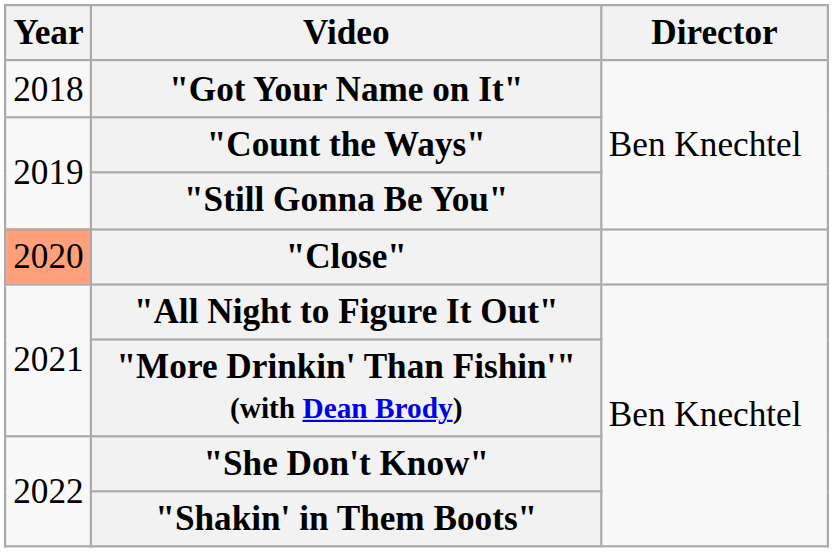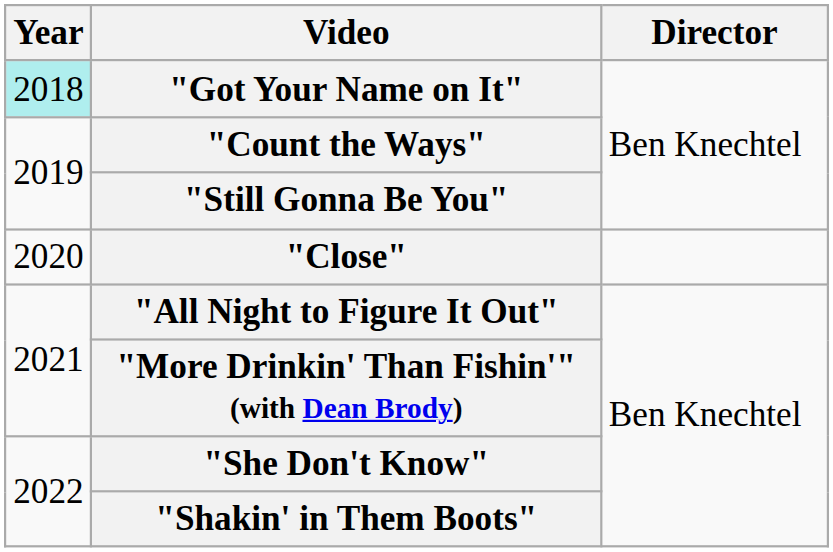 <table class="wikitable plainrowheaders">
 <tr>
 <th style="width:1em;">Year</th>
 <th style="width:14em;">Video</th>
 <th style="width:6em;">Director</th>
 </tr>
 <tr>
-<td>2018</td>
+<td style="background: paleturquoise;">2018</td>
 <th scope="row">"Got Your Name on It"</th>
 <td rowspan="3">Ben Knechtel</td>
 </tr>
 <tr>
 <td rowspan="2">2019</td>
 <th scope="row">"Count the Ways"</th>
 </tr>
 <tr>
 <th scope="row">"Still Gonna Be You"</th>
 </tr>
 <tr>
-<td style="background: lightsalmon;">2020</td>
+<td>2020</td>
 <th scope="row">"Close"</th>
 <td></td>
 </tr>
 <tr>
 <td rowspan="2">2021</td>
 <th scope="row">"All Night to Figure It Out"</th>
 <td rowspan="4">Ben Knechtel</td>
 </tr>
 <tr>
 <th scope="row">"More Drinkin' Than Fishin'"<br><small>(with <a href='#'>Dean Brody</a>)</small></th>
 </tr>
 <tr>
 <td rowspan="2">2022</td>
 <th scope="row">"She Don't Know"</th>
 </tr>
 <tr>
 <th scope="row">"Shakin' in Them Boots"</th>
 </tr>
 </table>
